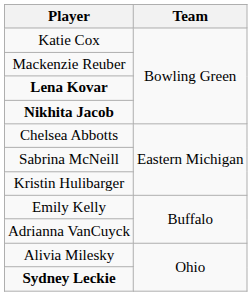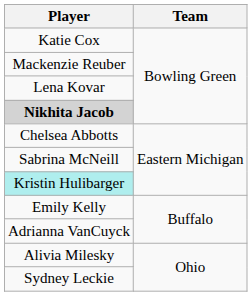 <table class="wikitable" style="text-align: center;">
 <tr>
 <th>Player</th>
 <th>Team</th>
 </tr>
 <tr>
 <td>Katie Cox</td>
 <td rowspan=4>Bowling Green</td>
 </tr>
 <tr>
 <td>Mackenzie Reuber</td>
 </tr>
 <tr>
-<td><strong>Lena Kovar</strong></td>
+<td>Lena Kovar</td>
 </tr>
 <tr>
-<td><strong>Nikhita Jacob</strong></td>
+<td style="background: lightgrey;"><strong>Nikhita Jacob</strong></td>
 </tr>
 <tr>
 <td>Chelsea Abbotts</td>
 <td rowspan=3>Eastern Michigan</td>
 </tr>
 <tr>
 <td>Sabrina McNeill</td>
 </tr>
 <tr>
-<td>Kristin Hulibarger</td>
+<td style="background: paleturquoise;">Kristin Hulibarger</td>
 </tr>
 <tr>
 <td>Emily Kelly</td>
 <td rowspan=2>Buffalo</td>
 </tr>
 <tr>
 <td>Adrianna VanCuyck</td>
 </tr>
 <tr>
 <td>Alivia Milesky</td>
 <td rowspan=2>Ohio</td>
 </tr>
 <tr>
-<td><strong>Sydney Leckie</strong></td>
+<td>Sydney Leckie</td>
 </tr>
 </table>
